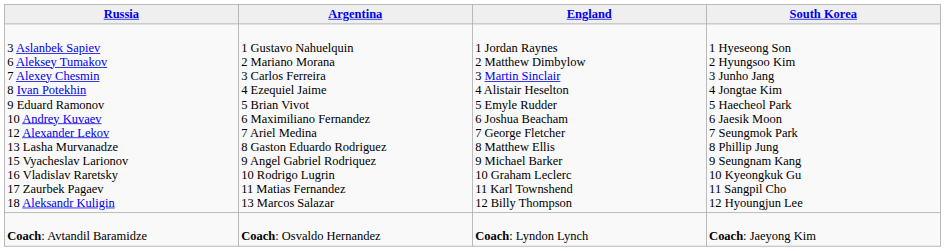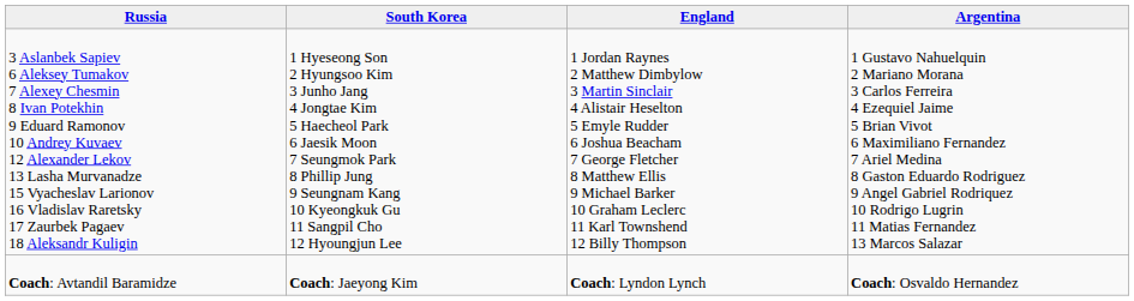 <table class="wikitable mw-collapsible mw-collapsed" cellpadding=5 cellspacing=0 style="width:95%">
 <tr align=center>
 <td bgcolor="#efefef" width="200"><strong> <a href='#'>Russia</a></strong></td>
+<td bgcolor="#efefef" width="200"><strong> <a href='#'>South Korea</a></strong></td>
+<td bgcolor="#efefef" width="200"><strong> <a href='#'>England</a></strong></td>
 <td bgcolor="#efefef" width="200"><strong> <a href='#'>Argentina</a></strong></td>
-<td bgcolor="#efefef" width="200"><strong> <a href='#'>England</a></strong></td>
-<td bgcolor="#efefef" width="200"><strong> <a href='#'>South Korea</a></strong></td>
 </tr>
 <tr valign=top>
 <td><br>3 <a href='#'>Aslanbek Sapiev</a><br> 6 <a href='#'>Aleksey Tumakov</a><br> 7 <a href='#'>Alexey Chesmin</a><br> 8 <a href='#'>Ivan Potekhin</a><br> 9 Eduard Ramonov<br> 10 <a href='#'>Andrey Kuvaev</a><br> 12 <a href='#'>Alexander Lekov</a><br> 13 Lasha Murvanadze<br> 15 Vyacheslav Larionov<br> 16 Vladislav Raretsky<br> 17 Zaurbek Pagaev<br> 18 <a href='#'>Aleksandr Kuligin</a></td>
+<td><br>1 Hyeseong Son<br> 2 Hyungsoo Kim<br> 3 Junho Jang<br> 4 Jongtae Kim<br> 5 Haecheol Park<br> 6 Jaesik Moon<br> 7 Seungmok Park<br> 8 Phillip Jung<br> 9 Seungnam Kang<br> 10 Kyeongkuk Gu<br> 11 Sangpil Cho<br> 12 Hyoungjun Lee</td>
+<td><br>1 Jordan Raynes<br> 2 Matthew Dimbylow<br> 3 <a href='#'>Martin Sinclair</a><br> 4 Alistair Heselton<br> 5 Emyle Rudder<br> 6 Joshua Beacham<br> 7 George Fletcher<br> 8 Matthew Ellis<br> 9 Michael Barker<br> 10 Graham Leclerc<br> 11 Karl Townshend<br> 12 Billy Thompson</td>
 <td><br>1 Gustavo Nahuelquin<br> 2 Mariano Morana<br> 3 Carlos Ferreira<br> 4 Ezequiel Jaime<br> 5 Brian Vivot<br> 6 Maximiliano Fernandez<br> 7 Ariel Medina<br> 8 Gaston Eduardo Rodriguez<br> 9 Angel Gabriel Rodriquez<br> 10 Rodrigo Lugrin<br> 11 Matias Fernandez<br> 13 Marcos Salazar</td>
-<td><br>1 Jordan Raynes<br> 2 Matthew Dimbylow<br> 3 <a href='#'>Martin Sinclair</a><br> 4 Alistair Heselton<br> 5 Emyle Rudder<br> 6 Joshua Beacham<br> 7 George Fletcher<br> 8 Matthew Ellis<br> 9 Michael Barker<br> 10 Graham Leclerc<br> 11 Karl Townshend<br> 12 Billy Thompson</td>
-<td><br>1 Hyeseong Son<br> 2 Hyungsoo Kim<br> 3 Junho Jang<br> 4 Jongtae Kim<br> 5 Haecheol Park<br> 6 Jaesik Moon<br> 7 Seungmok Park<br> 8 Phillip Jung<br> 9 Seungnam Kang<br> 10 Kyeongkuk Gu<br> 11 Sangpil Cho<br> 12 Hyoungjun Lee</td>
 </tr>
 <tr valign=top>
 <td><br><strong>Coach</strong>: Avtandil Baramidze</td>
+<td><br><strong>Coach</strong>: Jaeyong Kim</td>
+<td><br><strong>Coach</strong>: Lyndon Lynch</td>
 <td><br><strong>Coach</strong>: Osvaldo Hernandez</td>
-<td><br><strong>Coach</strong>: Lyndon Lynch</td>
-<td><br><strong>Coach</strong>: Jaeyong Kim</td>
 </tr>
 </table>
